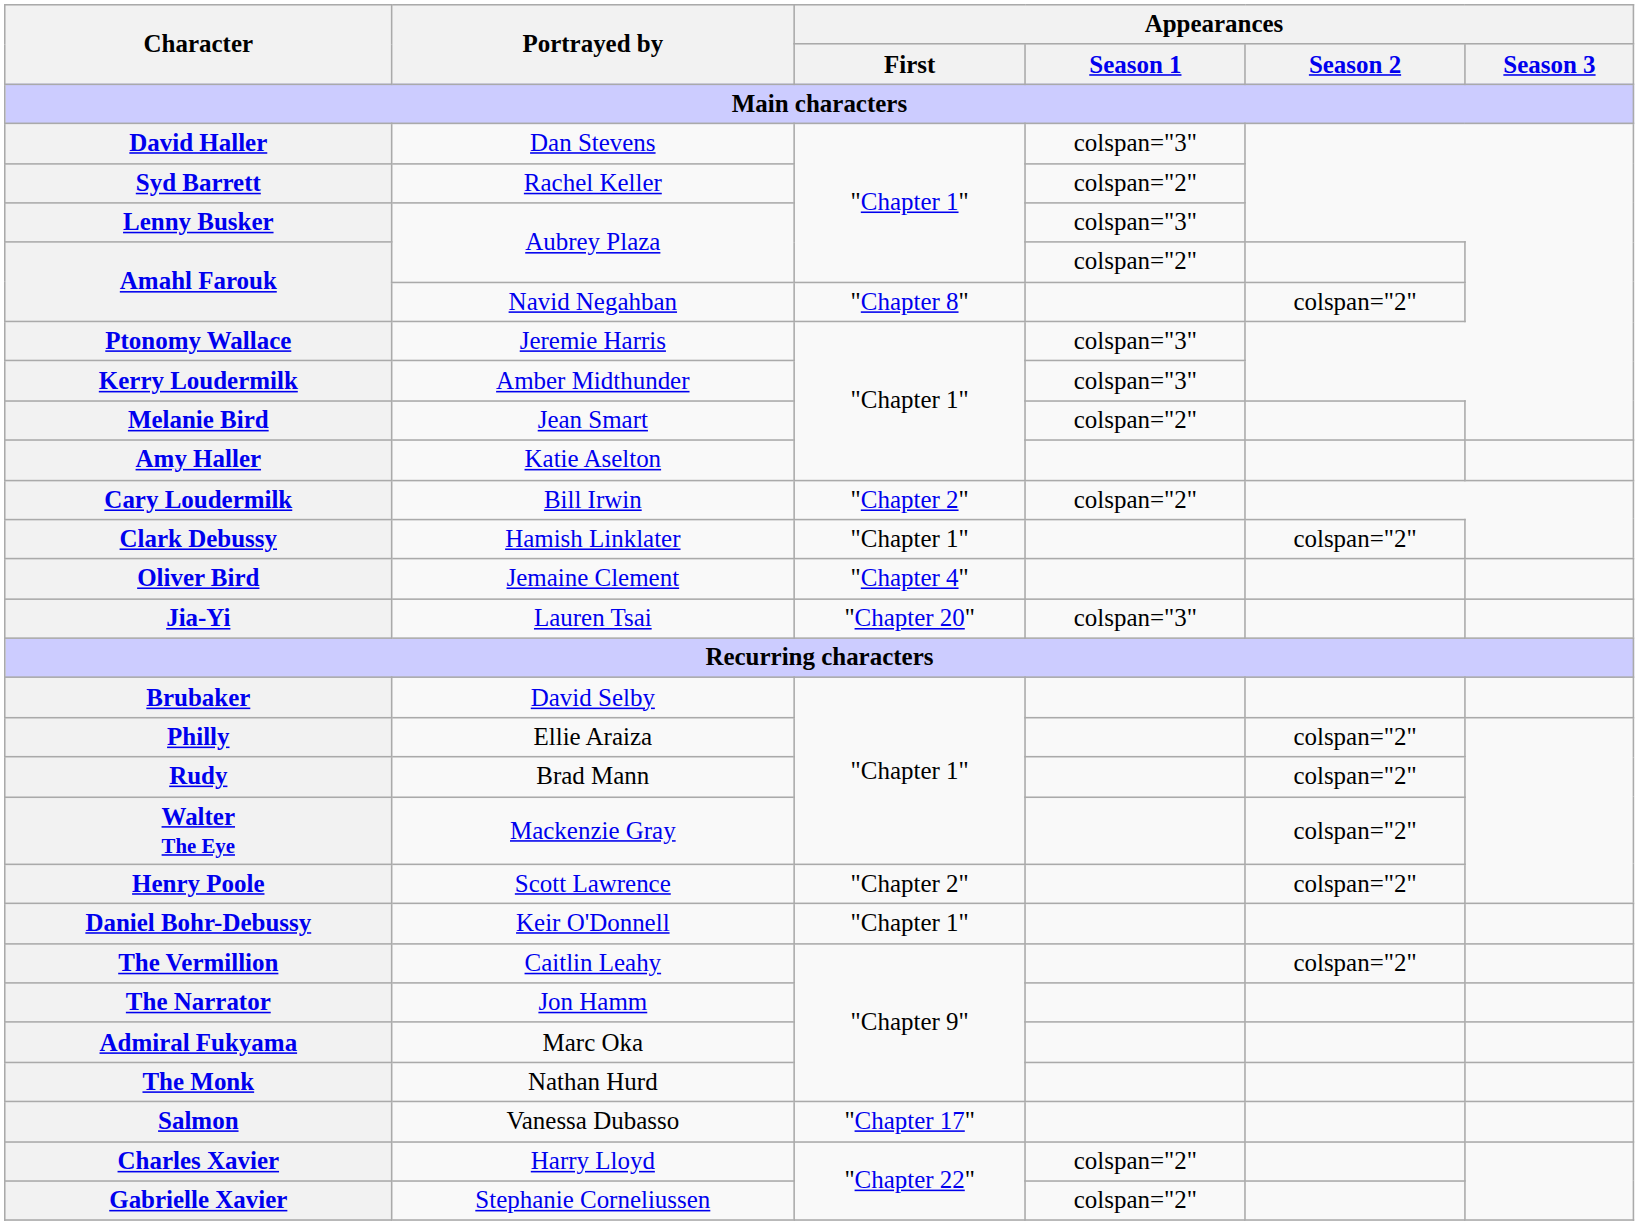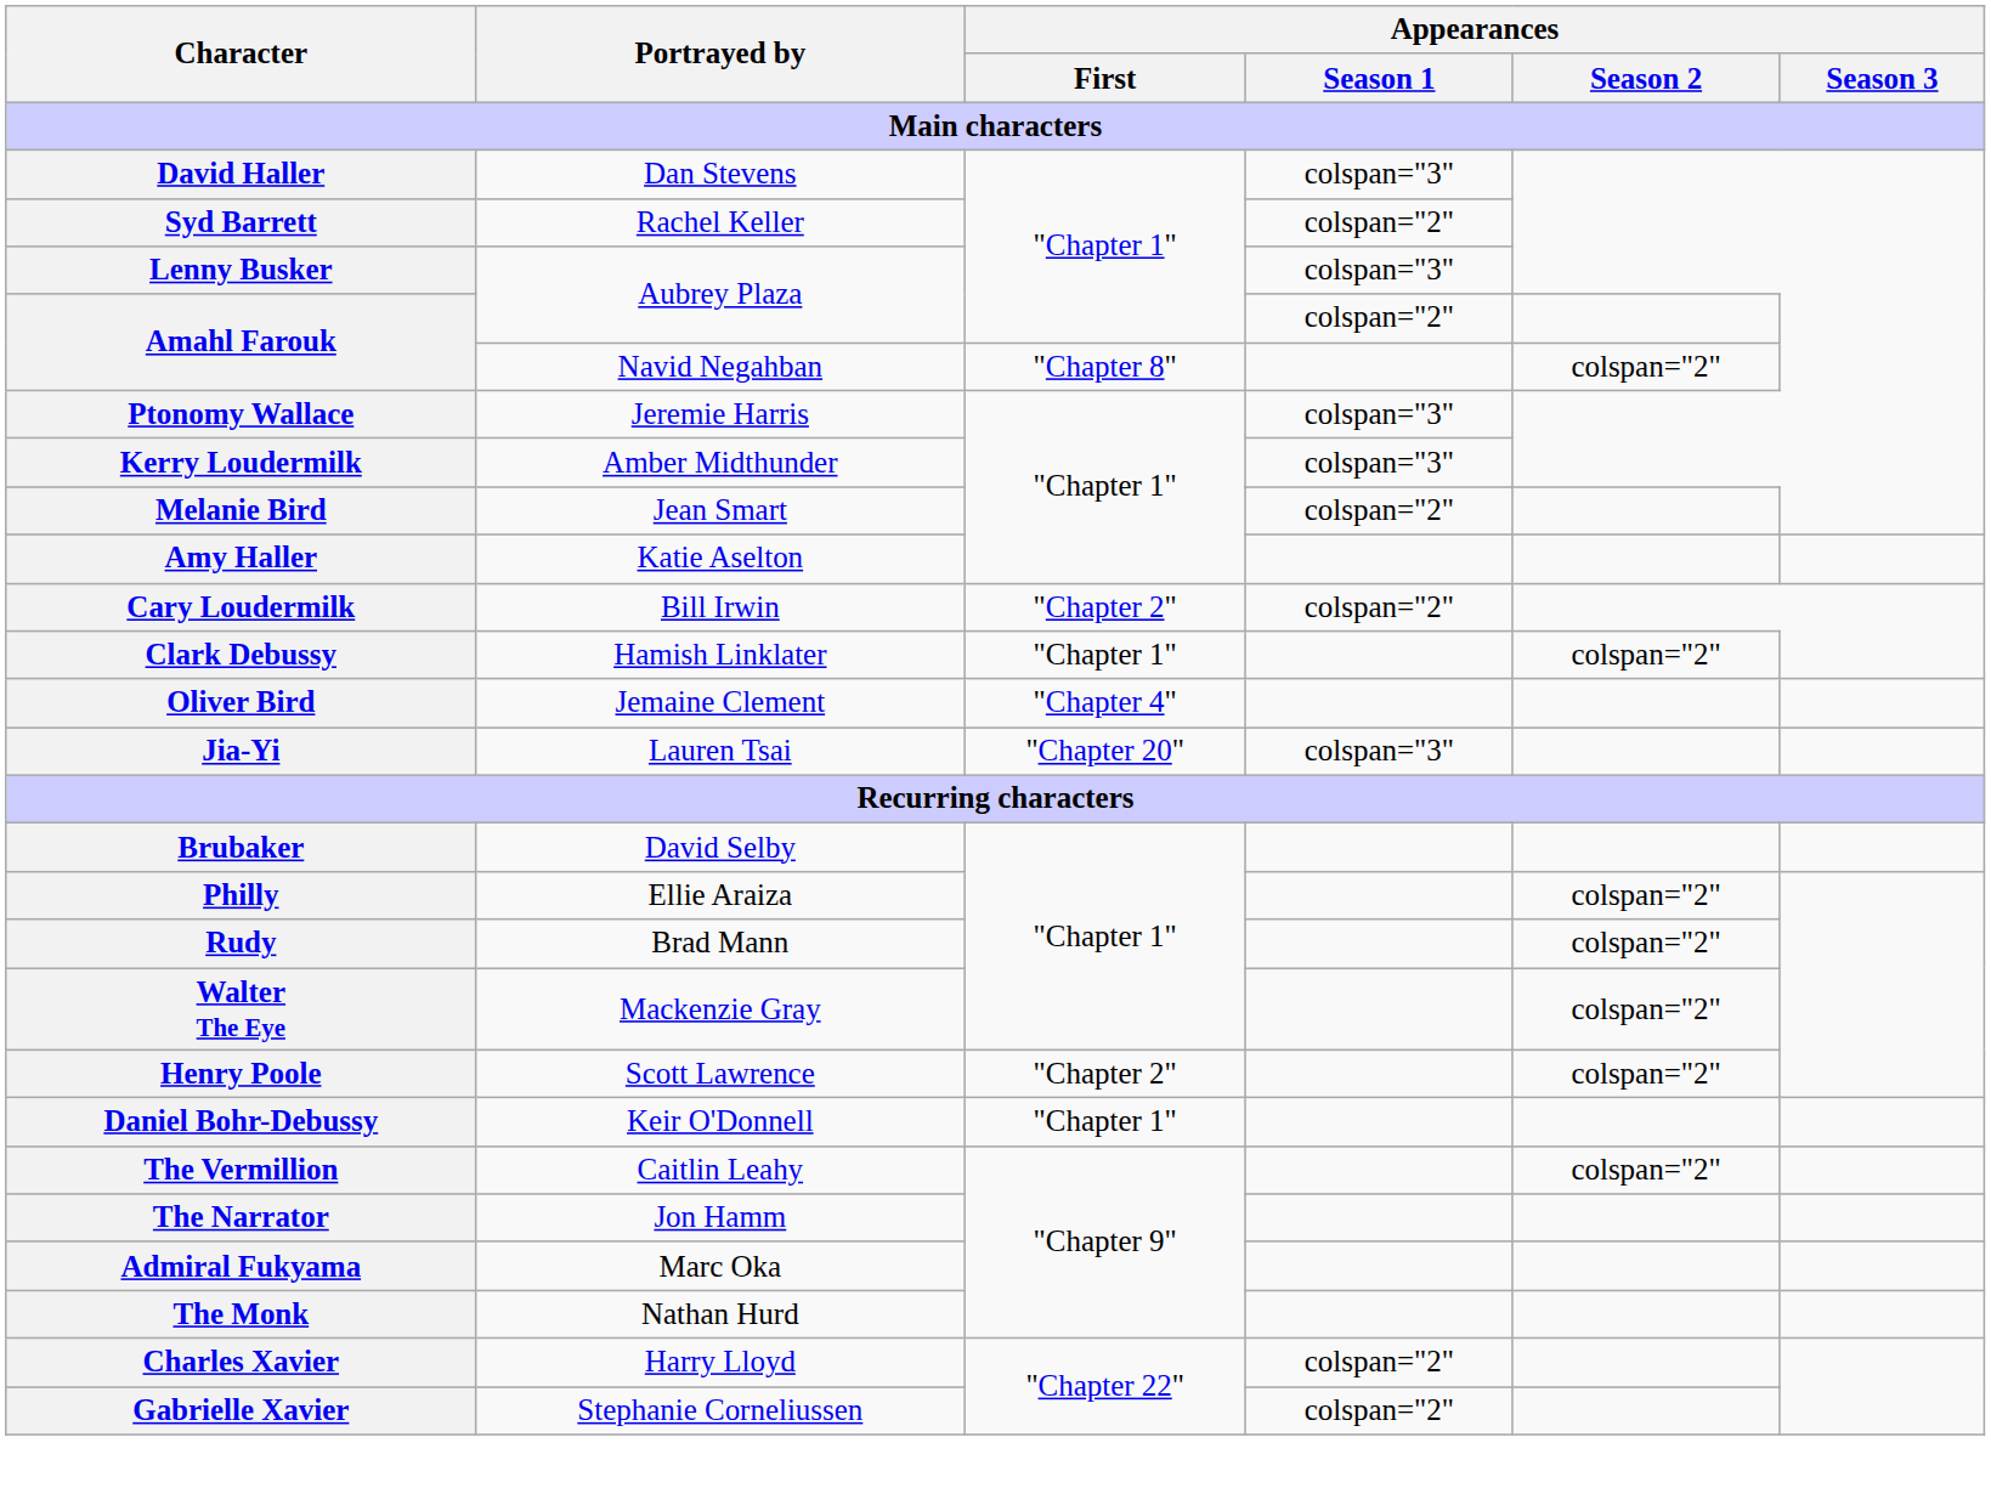 <table class="wikitable" style="text-align:center; width:66%">
 <tr>
 <th scope="col" rowspan="2">Character</th>
 <th scope="col" rowspan="2">Portrayed by</th>
 <th scope="col" colspan="4">Appearances</th>
 </tr>
 <tr>
 <th scope="col">First</th>
 <th scope="col"><a href='#'>Season 1</a></th>
 <th scope="col"><a href='#'>Season 2</a></th>
 <th scope="col"><a href='#'>Season 3</a></th>
 </tr>
 <tr>
 <th colspan="6" style="background-color:#ccccff;">Main characters</th>
 </tr>
 <tr>
 <th scope="row"><a href='#'>David Haller<br></a></th>
 <td><a href='#'>Dan Stevens</a></td>
 <td rowspan="4">"<a href='#'>Chapter 1</a>"</td>
 <td>colspan="3" </td>
 </tr>
 <tr>
 <th scope="row"><a href='#'>Syd Barrett</a></th>
 <td><a href='#'>Rachel Keller</a></td>
 <td>colspan="2" </td>
 </tr>
 <tr>
 <th scope="row"><a href='#'>Lenny Busker<br></a></th>
 <td rowspan="2"><a href='#'>Aubrey Plaza</a></td>
 <td>colspan="3" </td>
 </tr>
 <tr>
 <th rowspan="2" scope="row"><a href='#'>Amahl Farouk<br></a></th>
 <td>colspan="2" </td>
 <td></td>
 </tr>
 <tr>
 <td><a href='#'>Navid Negahban</a></td>
 <td>"<a href='#'>Chapter 8</a>"</td>
 <td></td>
 <td>colspan="2" </td>
 </tr>
 <tr>
 <th scope="row"><a href='#'>Ptonomy Wallace</a></th>
 <td><a href='#'>Jeremie Harris</a></td>
 <td rowspan="4">"Chapter 1"</td>
 <td>colspan="3" </td>
 </tr>
 <tr>
 <th scope="row"><a href='#'>Kerry Loudermilk</a></th>
 <td><a href='#'>Amber Midthunder</a></td>
 <td>colspan="3" </td>
 </tr>
 <tr>
 <th scope="row"><a href='#'>Melanie Bird</a></th>
 <td><a href='#'>Jean Smart</a></td>
 <td>colspan="2" </td>
 <td></td>
 </tr>
 <tr>
 <th scope="row"><a href='#'>Amy Haller</a></th>
 <td><a href='#'>Katie Aselton</a></td>
 <td></td>
 <td></td>
 <td></td>
 </tr>
 <tr>
 <th scope="row"><a href='#'>Cary Loudermilk</a></th>
 <td><a href='#'>Bill Irwin</a></td>
 <td>"<a href='#'>Chapter 2</a>"</td>
 <td>colspan="2" </td>
 </tr>
 <tr>
 <th scope="row"><a href='#'>Clark Debussy</a></th>
 <td><a href='#'>Hamish Linklater</a></td>
 <td>"Chapter 1"</td>
 <td></td>
 <td>colspan="2" </td>
 </tr>
 <tr>
 <th scope="row"><a href='#'>Oliver Bird</a></th>
 <td><a href='#'>Jemaine Clement</a></td>
 <td>"<a href='#'>Chapter 4</a>"</td>
 <td></td>
 <td></td>
 <td></td>
 </tr>
 <tr>
 <th scope="row"><a href='#'>Jia-Yi<br></a></th>
 <td><a href='#'>Lauren Tsai</a></td>
 <td>"<a href='#'>Chapter 20</a>"</td>
 <td>colspan="3" </td>
 <td></td>
 </tr>
 <tr>
 <th colspan="6" style="background-color:#ccccff;">Recurring characters</th>
 </tr>
 <tr>
 <th scope="row"><a href='#'>Brubaker</a></th>
 <td><a href='#'>David Selby</a></td>
 <td rowspan="4">"Chapter 1"</td>
 <td></td>
 <td></td>
 <td></td>
 </tr>
 <tr>
 <th scope="row"><a href='#'>Philly</a></th>
 <td>Ellie Araiza</td>
 <td></td>
 <td>colspan="2" </td>
 </tr>
 <tr>
 <th scope="row"><a href='#'>Rudy</a></th>
 <td>Brad Mann</td>
 <td></td>
 <td>colspan="2" </td>
 </tr>
 <tr>
 <th scope="row"><a href='#'>Walter<br><small>The Eye</small></a></th>
 <td><a href='#'>Mackenzie Gray</a></td>
 <td></td>
 <td>colspan="2" </td>
 </tr>
 <tr>
 <th scope="row"><a href='#'>Henry Poole</a></th>
 <td><a href='#'>Scott Lawrence</a></td>
 <td>"Chapter 2"</td>
 <td></td>
 <td>colspan="2" </td>
 </tr>
 <tr>
 <th scope="row"><a href='#'>Daniel Bohr-Debussy</a></th>
 <td><a href='#'>Keir O'Donnell</a></td>
 <td>"Chapter 1"</td>
 <td></td>
 <td></td>
 <td></td>
 </tr>
 <tr>
 <th scope="row"><a href='#'>The Vermillion</a></th>
 <td><a href='#'>Caitlin Leahy</a></td>
 <td rowspan="4">"Chapter 9"</td>
 <td></td>
 <td>colspan="2" </td>
 </tr>
 <tr>
 <th scope="row"><a href='#'>The Narrator</a></th>
 <td><a href='#'>Jon Hamm</a></td>
 <td></td>
 <td></td>
 <td></td>
 </tr>
 <tr>
 <th scope="row"><a href='#'>Admiral Fukyama</a></th>
 <td>Marc Oka</td>
 <td></td>
 <td></td>
 <td></td>
 </tr>
 <tr>
 <th scope="row"><a href='#'>The Monk</a></th>
 <td>Nathan Hurd</td>
 <td></td>
 <td></td>
 <td></td>
 </tr>
 <tr>
-<th scope="row"><a href='#'>Salmon</a></th>
-<td>Vanessa Dubasso</td>
-<td>"<a href='#'>Chapter 17</a>"</td>
-<td></td>
-<td></td>
-<td></td>
-</tr>
-<tr>
 <th scope="row"><a href='#'>Charles Xavier</a></th>
 <td><a href='#'>Harry Lloyd</a></td>
 <td rowspan="2">"<a href='#'>Chapter 22</a>"</td>
 <td>colspan="2" </td>
 <td></td>
 </tr>
 <tr>
 <th scope="row"><a href='#'>Gabrielle Xavier</a></th>
 <td><a href='#'>Stephanie Corneliussen</a></td>
 <td>colspan="2" </td>
 <td></td>
 </tr>
 </table>
